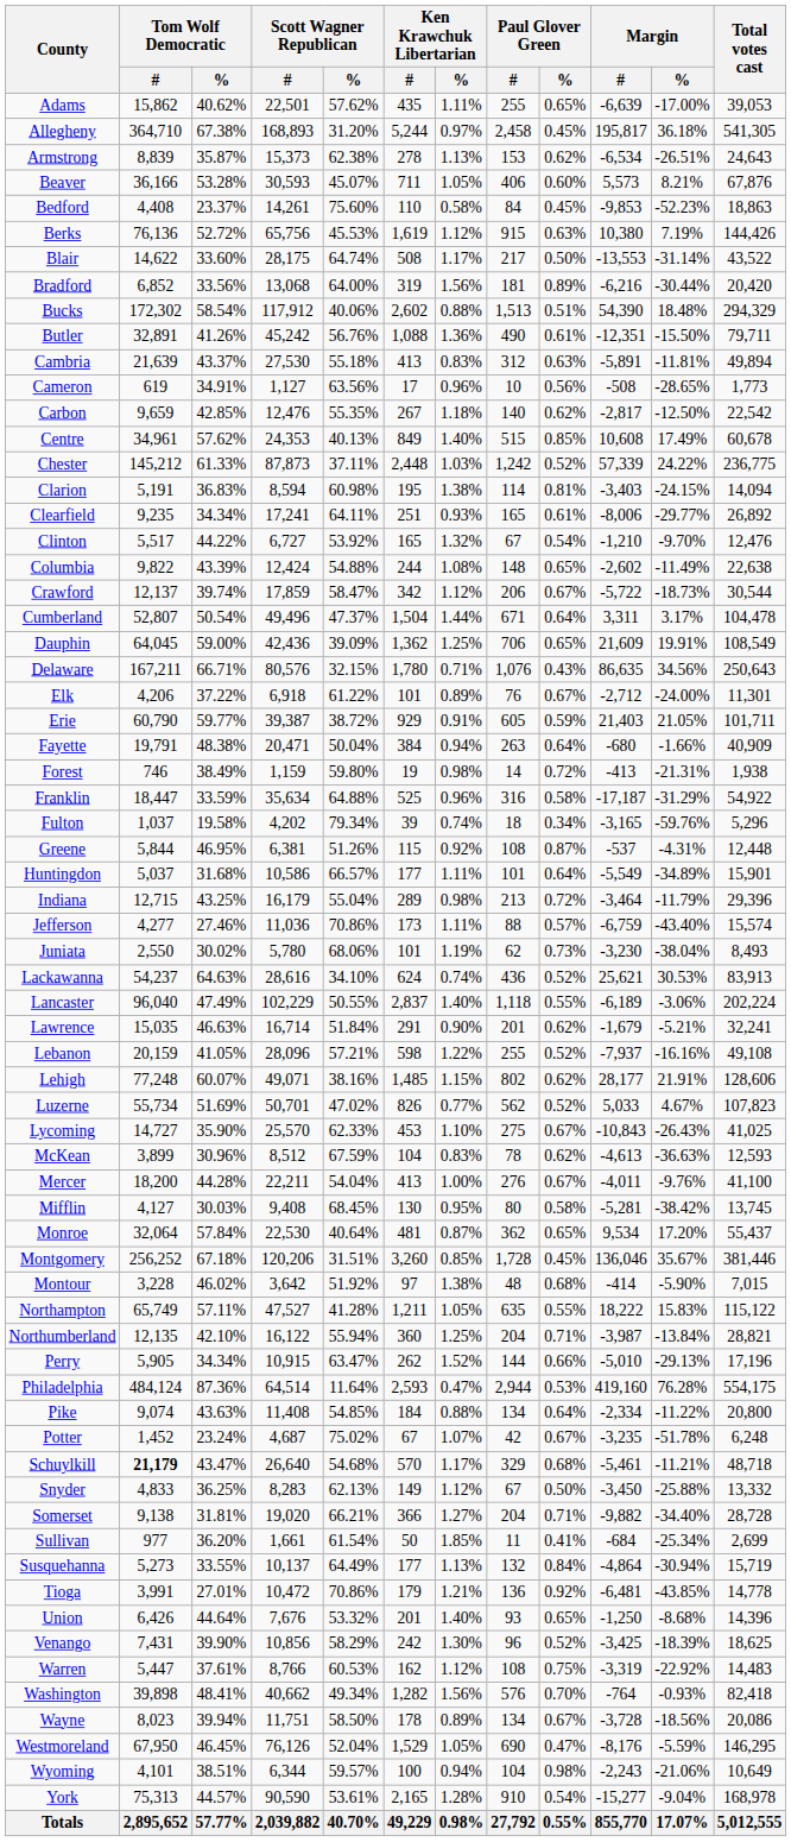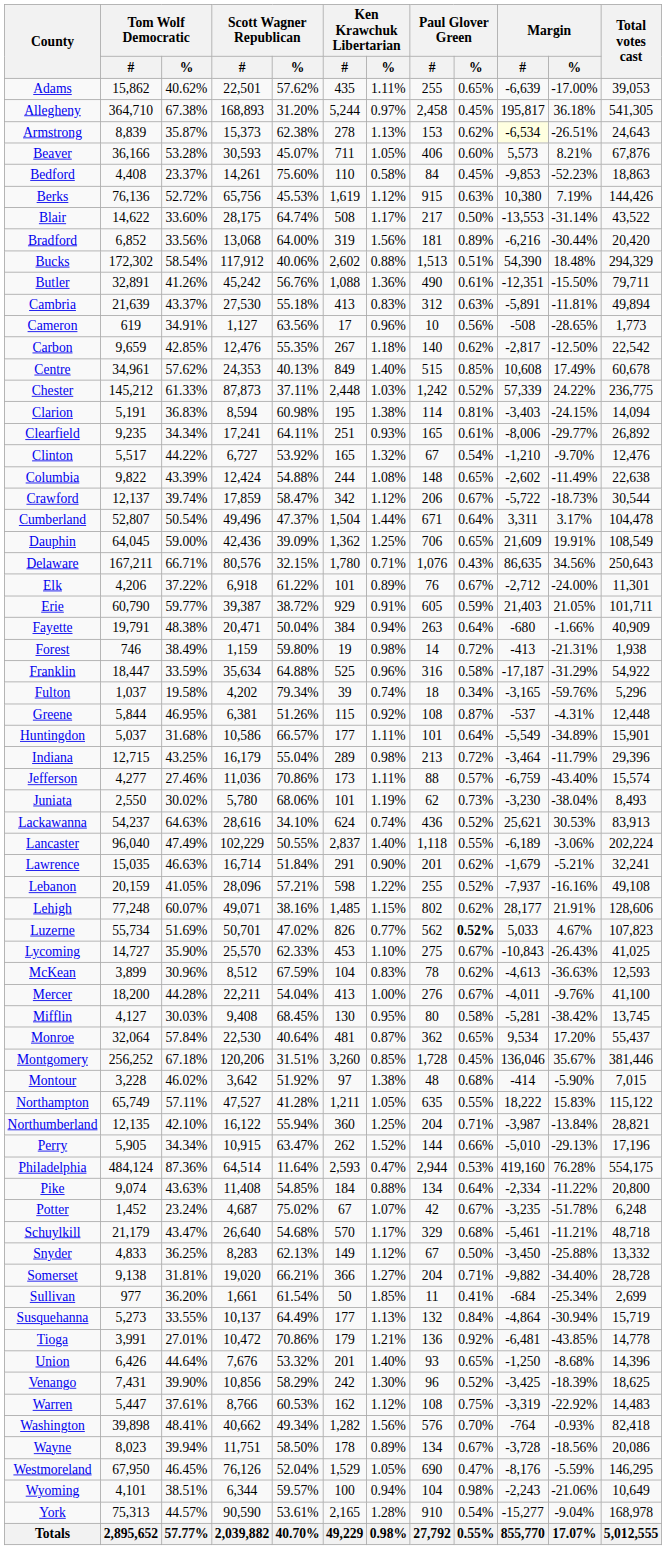 <table width="60%"  class="wikitable sortable" style="text-align:center">
 <tr>
 <th style="text-align:center;" rowspan="2">County</th>
 <th style="text-align:center;" colspan="2">Tom Wolf<br>Democratic</th>
 <th style="text-align:center;" colspan="2">Scott Wagner<br>Republican</th>
 <th style="text-align:center;" colspan="2">Ken Krawchuk<br>Libertarian</th>
 <th style="text-align:center;" colspan="2">Paul Glover<br>Green</th>
 <th style="text-align:center;" colspan="2">Margin</th>
 <th style="text-align:center;" rowspan="2">Total votes cast</th>
 </tr>
 <tr>
 <th style="text-align:center;" data-sort-type="number">#</th>
 <th style="text-align:center;" data-sort-type="number">%</th>
 <th style="text-align:center;" data-sort-type="number">#</th>
 <th style="text-align:center;" data-sort-type="number">%</th>
 <th style="text-align:center;" data-sort-type="number">#</th>
 <th style="text-align:center;" data-sort-type="number">%</th>
 <th style="text-align:center;" data-sort-type="number">#</th>
 <th style="text-align:center;" data-sort-type="number">%</th>
 <th style="text-align:center;" data-sort-type="number">#</th>
 <th style="text-align:center;" data-sort-type="number">%</th>
 </tr>
 <tr style="text-align:center;">
 <td><a href='#'>Adams</a></td>
 <td>15,862</td>
 <td>40.62%</td>
 <td>22,501</td>
 <td>57.62%</td>
 <td>435</td>
 <td>1.11%</td>
 <td>255</td>
 <td>0.65%</td>
 <td>-6,639</td>
 <td>-17.00%</td>
 <td>39,053</td>
 </tr>
 <tr style="text-align:center;">
 <td><a href='#'>Allegheny</a></td>
 <td>364,710</td>
 <td>67.38%</td>
 <td>168,893</td>
 <td>31.20%</td>
 <td>5,244</td>
 <td>0.97%</td>
 <td>2,458</td>
 <td>0.45%</td>
 <td>195,817</td>
 <td>36.18%</td>
 <td>541,305</td>
 </tr>
 <tr style="text-align:center;">
 <td><a href='#'>Armstrong</a></td>
 <td>8,839</td>
 <td>35.87%</td>
 <td>15,373</td>
 <td>62.38%</td>
 <td>278</td>
 <td>1.13%</td>
 <td>153</td>
 <td>0.62%</td>
-<td>-6,534</td>
+<td style="background: lightyellow;">-6,534</td>
 <td>-26.51%</td>
 <td>24,643</td>
 </tr>
 <tr style="text-align:center;">
 <td><a href='#'>Beaver</a></td>
 <td>36,166</td>
 <td>53.28%</td>
 <td>30,593</td>
 <td>45.07%</td>
 <td>711</td>
 <td>1.05%</td>
 <td>406</td>
 <td>0.60%</td>
 <td>5,573</td>
 <td>8.21%</td>
 <td>67,876</td>
 </tr>
 <tr style="text-align:center;">
 <td><a href='#'>Bedford</a></td>
 <td>4,408</td>
 <td>23.37%</td>
 <td>14,261</td>
 <td>75.60%</td>
 <td>110</td>
 <td>0.58%</td>
 <td>84</td>
 <td>0.45%</td>
 <td>-9,853</td>
 <td>-52.23%</td>
 <td>18,863</td>
 </tr>
 <tr style="text-align:center;">
 <td><a href='#'>Berks</a></td>
 <td>76,136</td>
 <td>52.72%</td>
 <td>65,756</td>
 <td>45.53%</td>
 <td>1,619</td>
 <td>1.12%</td>
 <td>915</td>
 <td>0.63%</td>
 <td>10,380</td>
 <td>7.19%</td>
 <td>144,426</td>
 </tr>
 <tr style="text-align:center;">
 <td><a href='#'>Blair</a></td>
 <td>14,622</td>
 <td>33.60%</td>
 <td>28,175</td>
 <td>64.74%</td>
 <td>508</td>
 <td>1.17%</td>
 <td>217</td>
 <td>0.50%</td>
 <td>-13,553</td>
 <td>-31.14%</td>
 <td>43,522</td>
 </tr>
 <tr style="text-align:center;">
 <td><a href='#'>Bradford</a></td>
 <td>6,852</td>
 <td>33.56%</td>
 <td>13,068</td>
 <td>64.00%</td>
 <td>319</td>
 <td>1.56%</td>
 <td>181</td>
 <td>0.89%</td>
 <td>-6,216</td>
 <td>-30.44%</td>
 <td>20,420</td>
 </tr>
 <tr style="text-align:center;">
 <td><a href='#'>Bucks</a></td>
 <td>172,302</td>
 <td>58.54%</td>
 <td>117,912</td>
 <td>40.06%</td>
 <td>2,602</td>
 <td>0.88%</td>
 <td>1,513</td>
 <td>0.51%</td>
 <td>54,390</td>
 <td>18.48%</td>
 <td>294,329</td>
 </tr>
 <tr style="text-align:center;">
 <td><a href='#'>Butler</a></td>
 <td>32,891</td>
 <td>41.26%</td>
 <td>45,242</td>
 <td>56.76%</td>
 <td>1,088</td>
 <td>1.36%</td>
 <td>490</td>
 <td>0.61%</td>
 <td>-12,351</td>
 <td>-15.50%</td>
 <td>79,711</td>
 </tr>
 <tr style="text-align:center;">
 <td><a href='#'>Cambria</a></td>
 <td>21,639</td>
 <td>43.37%</td>
 <td>27,530</td>
 <td>55.18%</td>
 <td>413</td>
 <td>0.83%</td>
 <td>312</td>
 <td>0.63%</td>
 <td>-5,891</td>
 <td>-11.81%</td>
 <td>49,894</td>
 </tr>
 <tr style="text-align:center;">
 <td><a href='#'>Cameron</a></td>
 <td>619</td>
 <td>34.91%</td>
 <td>1,127</td>
 <td>63.56%</td>
 <td>17</td>
 <td>0.96%</td>
 <td>10</td>
 <td>0.56%</td>
 <td>-508</td>
 <td>-28.65%</td>
 <td>1,773</td>
 </tr>
 <tr style="text-align:center;">
 <td><a href='#'>Carbon</a></td>
 <td>9,659</td>
 <td>42.85%</td>
 <td>12,476</td>
 <td>55.35%</td>
 <td>267</td>
 <td>1.18%</td>
 <td>140</td>
 <td>0.62%</td>
 <td>-2,817</td>
 <td>-12.50%</td>
 <td>22,542</td>
 </tr>
 <tr style="text-align:center;">
 <td><a href='#'>Centre</a></td>
 <td>34,961</td>
 <td>57.62%</td>
 <td>24,353</td>
 <td>40.13%</td>
 <td>849</td>
 <td>1.40%</td>
 <td>515</td>
 <td>0.85%</td>
 <td>10,608</td>
 <td>17.49%</td>
 <td>60,678</td>
 </tr>
 <tr style="text-align:center;">
 <td><a href='#'>Chester</a></td>
 <td>145,212</td>
 <td>61.33%</td>
 <td>87,873</td>
 <td>37.11%</td>
 <td>2,448</td>
 <td>1.03%</td>
 <td>1,242</td>
 <td>0.52%</td>
 <td>57,339</td>
 <td>24.22%</td>
 <td>236,775</td>
 </tr>
 <tr style="text-align:center;">
 <td><a href='#'>Clarion</a></td>
 <td>5,191</td>
 <td>36.83%</td>
 <td>8,594</td>
 <td>60.98%</td>
 <td>195</td>
 <td>1.38%</td>
 <td>114</td>
 <td>0.81%</td>
 <td>-3,403</td>
 <td>-24.15%</td>
 <td>14,094</td>
 </tr>
 <tr style="text-align:center;">
 <td><a href='#'>Clearfield</a></td>
 <td>9,235</td>
 <td>34.34%</td>
 <td>17,241</td>
 <td>64.11%</td>
 <td>251</td>
 <td>0.93%</td>
 <td>165</td>
 <td>0.61%</td>
 <td>-8,006</td>
 <td>-29.77%</td>
 <td>26,892</td>
 </tr>
 <tr style="text-align:center;">
 <td><a href='#'>Clinton</a></td>
 <td>5,517</td>
 <td>44.22%</td>
 <td>6,727</td>
 <td>53.92%</td>
 <td>165</td>
 <td>1.32%</td>
 <td>67</td>
 <td>0.54%</td>
 <td>-1,210</td>
 <td>-9.70%</td>
 <td>12,476</td>
 </tr>
 <tr style="text-align:center;">
 <td><a href='#'>Columbia</a></td>
 <td>9,822</td>
 <td>43.39%</td>
 <td>12,424</td>
 <td>54.88%</td>
 <td>244</td>
 <td>1.08%</td>
 <td>148</td>
 <td>0.65%</td>
 <td>-2,602</td>
 <td>-11.49%</td>
 <td>22,638</td>
 </tr>
 <tr style="text-align:center;">
 <td><a href='#'>Crawford</a></td>
 <td>12,137</td>
 <td>39.74%</td>
 <td>17,859</td>
 <td>58.47%</td>
 <td>342</td>
 <td>1.12%</td>
 <td>206</td>
 <td>0.67%</td>
 <td>-5,722</td>
 <td>-18.73%</td>
 <td>30,544</td>
 </tr>
 <tr style="text-align:center;">
 <td><a href='#'>Cumberland</a></td>
 <td>52,807</td>
 <td>50.54%</td>
 <td>49,496</td>
 <td>47.37%</td>
 <td>1,504</td>
 <td>1.44%</td>
 <td>671</td>
 <td>0.64%</td>
 <td>3,311</td>
 <td>3.17%</td>
 <td>104,478</td>
 </tr>
 <tr style="text-align:center;">
 <td><a href='#'>Dauphin</a></td>
 <td>64,045</td>
 <td>59.00%</td>
 <td>42,436</td>
 <td>39.09%</td>
 <td>1,362</td>
 <td>1.25%</td>
 <td>706</td>
 <td>0.65%</td>
 <td>21,609</td>
 <td>19.91%</td>
 <td>108,549</td>
 </tr>
 <tr style="text-align:center;">
 <td><a href='#'>Delaware</a></td>
 <td>167,211</td>
 <td>66.71%</td>
 <td>80,576</td>
 <td>32.15%</td>
 <td>1,780</td>
 <td>0.71%</td>
 <td>1,076</td>
 <td>0.43%</td>
 <td>86,635</td>
 <td>34.56%</td>
 <td>250,643</td>
 </tr>
 <tr style="text-align:center;">
 <td><a href='#'>Elk</a></td>
 <td>4,206</td>
 <td>37.22%</td>
 <td>6,918</td>
 <td>61.22%</td>
 <td>101</td>
 <td>0.89%</td>
 <td>76</td>
 <td>0.67%</td>
 <td>-2,712</td>
 <td>-24.00%</td>
 <td>11,301</td>
 </tr>
 <tr style="text-align:center;">
 <td><a href='#'>Erie</a></td>
 <td>60,790</td>
 <td>59.77%</td>
 <td>39,387</td>
 <td>38.72%</td>
 <td>929</td>
 <td>0.91%</td>
 <td>605</td>
 <td>0.59%</td>
 <td>21,403</td>
 <td>21.05%</td>
 <td>101,711</td>
 </tr>
 <tr style="text-align:center;">
 <td><a href='#'>Fayette</a></td>
 <td>19,791</td>
 <td>48.38%</td>
 <td>20,471</td>
 <td>50.04%</td>
 <td>384</td>
 <td>0.94%</td>
 <td>263</td>
 <td>0.64%</td>
 <td>-680</td>
 <td>-1.66%</td>
 <td>40,909</td>
 </tr>
 <tr style="text-align:center;">
 <td><a href='#'>Forest</a></td>
 <td>746</td>
 <td>38.49%</td>
 <td>1,159</td>
 <td>59.80%</td>
 <td>19</td>
 <td>0.98%</td>
 <td>14</td>
 <td>0.72%</td>
 <td>-413</td>
 <td>-21.31%</td>
 <td>1,938</td>
 </tr>
 <tr style="text-align:center;">
 <td><a href='#'>Franklin</a></td>
 <td>18,447</td>
 <td>33.59%</td>
 <td>35,634</td>
 <td>64.88%</td>
 <td>525</td>
 <td>0.96%</td>
 <td>316</td>
 <td>0.58%</td>
 <td>-17,187</td>
 <td>-31.29%</td>
 <td>54,922</td>
 </tr>
 <tr style="text-align:center;">
 <td><a href='#'>Fulton</a></td>
 <td>1,037</td>
 <td>19.58%</td>
 <td>4,202</td>
 <td>79.34%</td>
 <td>39</td>
 <td>0.74%</td>
 <td>18</td>
 <td>0.34%</td>
 <td>-3,165</td>
 <td>-59.76%</td>
 <td>5,296</td>
 </tr>
 <tr style="text-align:center;">
 <td><a href='#'>Greene</a></td>
 <td>5,844</td>
 <td>46.95%</td>
 <td>6,381</td>
 <td>51.26%</td>
 <td>115</td>
 <td>0.92%</td>
 <td>108</td>
 <td>0.87%</td>
 <td>-537</td>
 <td>-4.31%</td>
 <td>12,448</td>
 </tr>
 <tr style="text-align:center;">
 <td><a href='#'>Huntingdon</a></td>
 <td>5,037</td>
 <td>31.68%</td>
 <td>10,586</td>
 <td>66.57%</td>
 <td>177</td>
 <td>1.11%</td>
 <td>101</td>
 <td>0.64%</td>
 <td>-5,549</td>
 <td>-34.89%</td>
 <td>15,901</td>
 </tr>
 <tr style="text-align:center;">
 <td><a href='#'>Indiana</a></td>
 <td>12,715</td>
 <td>43.25%</td>
 <td>16,179</td>
 <td>55.04%</td>
 <td>289</td>
 <td>0.98%</td>
 <td>213</td>
 <td>0.72%</td>
 <td>-3,464</td>
 <td>-11.79%</td>
 <td>29,396</td>
 </tr>
 <tr style="text-align:center;">
 <td><a href='#'>Jefferson</a></td>
 <td>4,277</td>
 <td>27.46%</td>
 <td>11,036</td>
 <td>70.86%</td>
 <td>173</td>
 <td>1.11%</td>
 <td>88</td>
 <td>0.57%</td>
 <td>-6,759</td>
 <td>-43.40%</td>
 <td>15,574</td>
 </tr>
 <tr style="text-align:center;">
 <td><a href='#'>Juniata</a></td>
 <td>2,550</td>
 <td>30.02%</td>
 <td>5,780</td>
 <td>68.06%</td>
 <td>101</td>
 <td>1.19%</td>
 <td>62</td>
 <td>0.73%</td>
 <td>-3,230</td>
 <td>-38.04%</td>
 <td>8,493</td>
 </tr>
 <tr style="text-align:center;">
 <td><a href='#'>Lackawanna</a></td>
 <td>54,237</td>
 <td>64.63%</td>
 <td>28,616</td>
 <td>34.10%</td>
 <td>624</td>
 <td>0.74%</td>
 <td>436</td>
 <td>0.52%</td>
 <td>25,621</td>
 <td>30.53%</td>
 <td>83,913</td>
 </tr>
 <tr style="text-align:center;">
 <td><a href='#'>Lancaster</a></td>
 <td>96,040</td>
 <td>47.49%</td>
 <td>102,229</td>
 <td>50.55%</td>
 <td>2,837</td>
 <td>1.40%</td>
 <td>1,118</td>
 <td>0.55%</td>
 <td>-6,189</td>
 <td>-3.06%</td>
 <td>202,224</td>
 </tr>
 <tr style="text-align:center;">
 <td><a href='#'>Lawrence</a></td>
 <td>15,035</td>
 <td>46.63%</td>
 <td>16,714</td>
 <td>51.84%</td>
 <td>291</td>
 <td>0.90%</td>
 <td>201</td>
 <td>0.62%</td>
 <td>-1,679</td>
 <td>-5.21%</td>
 <td>32,241</td>
 </tr>
 <tr style="text-align:center;">
 <td><a href='#'>Lebanon</a></td>
 <td>20,159</td>
 <td>41.05%</td>
 <td>28,096</td>
 <td>57.21%</td>
 <td>598</td>
 <td>1.22%</td>
 <td>255</td>
 <td>0.52%</td>
 <td>-7,937</td>
 <td>-16.16%</td>
 <td>49,108</td>
 </tr>
 <tr style="text-align:center;">
 <td><a href='#'>Lehigh</a></td>
 <td>77,248</td>
 <td>60.07%</td>
 <td>49,071</td>
 <td>38.16%</td>
 <td>1,485</td>
 <td>1.15%</td>
 <td>802</td>
 <td>0.62%</td>
 <td>28,177</td>
 <td>21.91%</td>
 <td>128,606</td>
 </tr>
 <tr style="text-align:center;">
 <td><a href='#'>Luzerne</a></td>
 <td>55,734</td>
 <td>51.69%</td>
 <td>50,701</td>
 <td>47.02%</td>
 <td>826</td>
 <td>0.77%</td>
 <td>562</td>
-<td>0.52%</td>
+<td><strong>0.52%</strong></td>
 <td>5,033</td>
 <td>4.67%</td>
 <td>107,823</td>
 </tr>
 <tr style="text-align:center;">
 <td><a href='#'>Lycoming</a></td>
 <td>14,727</td>
 <td>35.90%</td>
 <td>25,570</td>
 <td>62.33%</td>
 <td>453</td>
 <td>1.10%</td>
 <td>275</td>
 <td>0.67%</td>
 <td>-10,843</td>
 <td>-26.43%</td>
 <td>41,025</td>
 </tr>
 <tr style="text-align:center;">
 <td><a href='#'>McKean</a></td>
 <td>3,899</td>
 <td>30.96%</td>
 <td>8,512</td>
 <td>67.59%</td>
 <td>104</td>
 <td>0.83%</td>
 <td>78</td>
 <td>0.62%</td>
 <td>-4,613</td>
 <td>-36.63%</td>
 <td>12,593</td>
 </tr>
 <tr style="text-align:center;">
 <td><a href='#'>Mercer</a></td>
 <td>18,200</td>
 <td>44.28%</td>
 <td>22,211</td>
 <td>54.04%</td>
 <td>413</td>
 <td>1.00%</td>
 <td>276</td>
 <td>0.67%</td>
 <td>-4,011</td>
 <td>-9.76%</td>
 <td>41,100</td>
 </tr>
 <tr style="text-align:center;">
 <td><a href='#'>Mifflin</a></td>
 <td>4,127</td>
 <td>30.03%</td>
 <td>9,408</td>
 <td>68.45%</td>
 <td>130</td>
 <td>0.95%</td>
 <td>80</td>
 <td>0.58%</td>
 <td>-5,281</td>
 <td>-38.42%</td>
 <td>13,745</td>
 </tr>
 <tr style="text-align:center;">
 <td><a href='#'>Monroe</a></td>
 <td>32,064</td>
 <td>57.84%</td>
 <td>22,530</td>
 <td>40.64%</td>
 <td>481</td>
 <td>0.87%</td>
 <td>362</td>
 <td>0.65%</td>
 <td>9,534</td>
 <td>17.20%</td>
 <td>55,437</td>
 </tr>
 <tr style="text-align:center;">
 <td><a href='#'>Montgomery</a></td>
 <td>256,252</td>
 <td>67.18%</td>
 <td>120,206</td>
 <td>31.51%</td>
 <td>3,260</td>
 <td>0.85%</td>
 <td>1,728</td>
 <td>0.45%</td>
 <td>136,046</td>
 <td>35.67%</td>
 <td>381,446</td>
 </tr>
 <tr style="text-align:center;">
 <td><a href='#'>Montour</a></td>
 <td>3,228</td>
 <td>46.02%</td>
 <td>3,642</td>
 <td>51.92%</td>
 <td>97</td>
 <td>1.38%</td>
 <td>48</td>
 <td>0.68%</td>
 <td>-414</td>
 <td>-5.90%</td>
 <td>7,015</td>
 </tr>
 <tr style="text-align:center;">
 <td><a href='#'>Northampton</a></td>
 <td>65,749</td>
 <td>57.11%</td>
 <td>47,527</td>
 <td>41.28%</td>
 <td>1,211</td>
 <td>1.05%</td>
 <td>635</td>
 <td>0.55%</td>
 <td>18,222</td>
 <td>15.83%</td>
 <td>115,122</td>
 </tr>
 <tr style="text-align:center;">
 <td><a href='#'>Northumberland</a></td>
 <td>12,135</td>
 <td>42.10%</td>
 <td>16,122</td>
 <td>55.94%</td>
 <td>360</td>
 <td>1.25%</td>
 <td>204</td>
 <td>0.71%</td>
 <td>-3,987</td>
 <td>-13.84%</td>
 <td>28,821</td>
 </tr>
 <tr style="text-align:center;">
 <td><a href='#'>Perry</a></td>
 <td>5,905</td>
 <td>34.34%</td>
 <td>10,915</td>
 <td>63.47%</td>
 <td>262</td>
 <td>1.52%</td>
 <td>144</td>
 <td>0.66%</td>
 <td>-5,010</td>
 <td>-29.13%</td>
 <td>17,196</td>
 </tr>
 <tr style="text-align:center;">
 <td><a href='#'>Philadelphia</a></td>
 <td>484,124</td>
 <td>87.36%</td>
 <td>64,514</td>
 <td>11.64%</td>
 <td>2,593</td>
 <td>0.47%</td>
 <td>2,944</td>
 <td>0.53%</td>
 <td>419,160</td>
 <td>76.28%</td>
 <td>554,175</td>
 </tr>
 <tr style="text-align:center;">
 <td><a href='#'>Pike</a></td>
 <td>9,074</td>
 <td>43.63%</td>
 <td>11,408</td>
 <td>54.85%</td>
 <td>184</td>
 <td>0.88%</td>
 <td>134</td>
 <td>0.64%</td>
 <td>-2,334</td>
 <td>-11.22%</td>
 <td>20,800</td>
 </tr>
 <tr style="text-align:center;">
 <td><a href='#'>Potter</a></td>
 <td>1,452</td>
 <td>23.24%</td>
 <td>4,687</td>
 <td>75.02%</td>
 <td>67</td>
 <td>1.07%</td>
 <td>42</td>
 <td>0.67%</td>
 <td>-3,235</td>
 <td>-51.78%</td>
 <td>6,248</td>
 </tr>
 <tr style="text-align:center;">
 <td><a href='#'>Schuylkill</a></td>
-<td><strong>21,179</strong></td>
+<td>21,179</td>
 <td>43.47%</td>
 <td>26,640</td>
 <td>54.68%</td>
 <td>570</td>
 <td>1.17%</td>
 <td>329</td>
 <td>0.68%</td>
 <td>-5,461</td>
 <td>-11.21%</td>
 <td>48,718</td>
 </tr>
 <tr style="text-align:center;">
 <td><a href='#'>Snyder</a></td>
 <td>4,833</td>
 <td>36.25%</td>
 <td>8,283</td>
 <td>62.13%</td>
 <td>149</td>
 <td>1.12%</td>
 <td>67</td>
 <td>0.50%</td>
 <td>-3,450</td>
 <td>-25.88%</td>
 <td>13,332</td>
 </tr>
 <tr style="text-align:center;">
 <td><a href='#'>Somerset</a></td>
 <td>9,138</td>
 <td>31.81%</td>
 <td>19,020</td>
 <td>66.21%</td>
 <td>366</td>
 <td>1.27%</td>
 <td>204</td>
 <td>0.71%</td>
 <td>-9,882</td>
 <td>-34.40%</td>
 <td>28,728</td>
 </tr>
 <tr style="text-align:center;">
 <td><a href='#'>Sullivan</a></td>
 <td>977</td>
 <td>36.20%</td>
 <td>1,661</td>
 <td>61.54%</td>
 <td>50</td>
 <td>1.85%</td>
 <td>11</td>
 <td>0.41%</td>
 <td>-684</td>
 <td>-25.34%</td>
 <td>2,699</td>
 </tr>
 <tr style="text-align:center;">
 <td><a href='#'>Susquehanna</a></td>
 <td>5,273</td>
 <td>33.55%</td>
 <td>10,137</td>
 <td>64.49%</td>
 <td>177</td>
 <td>1.13%</td>
 <td>132</td>
 <td>0.84%</td>
 <td>-4,864</td>
 <td>-30.94%</td>
 <td>15,719</td>
 </tr>
 <tr style="text-align:center;">
 <td><a href='#'>Tioga</a></td>
 <td>3,991</td>
 <td>27.01%</td>
 <td>10,472</td>
 <td>70.86%</td>
 <td>179</td>
 <td>1.21%</td>
 <td>136</td>
 <td>0.92%</td>
 <td>-6,481</td>
 <td>-43.85%</td>
 <td>14,778</td>
 </tr>
 <tr style="text-align:center;">
 <td><a href='#'>Union</a></td>
 <td>6,426</td>
 <td>44.64%</td>
 <td>7,676</td>
 <td>53.32%</td>
 <td>201</td>
 <td>1.40%</td>
 <td>93</td>
 <td>0.65%</td>
 <td>-1,250</td>
 <td>-8.68%</td>
 <td>14,396</td>
 </tr>
 <tr style="text-align:center;">
 <td><a href='#'>Venango</a></td>
 <td>7,431</td>
 <td>39.90%</td>
 <td>10,856</td>
 <td>58.29%</td>
 <td>242</td>
 <td>1.30%</td>
 <td>96</td>
 <td>0.52%</td>
 <td>-3,425</td>
 <td>-18.39%</td>
 <td>18,625</td>
 </tr>
 <tr style="text-align:center;">
 <td><a href='#'>Warren</a></td>
 <td>5,447</td>
 <td>37.61%</td>
 <td>8,766</td>
 <td>60.53%</td>
 <td>162</td>
 <td>1.12%</td>
 <td>108</td>
 <td>0.75%</td>
 <td>-3,319</td>
 <td>-22.92%</td>
 <td>14,483</td>
 </tr>
 <tr style="text-align:center;">
 <td><a href='#'>Washington</a></td>
 <td>39,898</td>
 <td>48.41%</td>
 <td>40,662</td>
 <td>49.34%</td>
 <td>1,282</td>
 <td>1.56%</td>
 <td>576</td>
 <td>0.70%</td>
 <td>-764</td>
 <td>-0.93%</td>
 <td>82,418</td>
 </tr>
 <tr style="text-align:center;">
 <td><a href='#'>Wayne</a></td>
 <td>8,023</td>
 <td>39.94%</td>
 <td>11,751</td>
 <td>58.50%</td>
 <td>178</td>
 <td>0.89%</td>
 <td>134</td>
 <td>0.67%</td>
 <td>-3,728</td>
 <td>-18.56%</td>
 <td>20,086</td>
 </tr>
 <tr style="text-align:center;">
 <td><a href='#'>Westmoreland</a></td>
 <td>67,950</td>
 <td>46.45%</td>
 <td>76,126</td>
 <td>52.04%</td>
 <td>1,529</td>
 <td>1.05%</td>
 <td>690</td>
 <td>0.47%</td>
 <td>-8,176</td>
 <td>-5.59%</td>
 <td>146,295</td>
 </tr>
 <tr style="text-align:center;">
 <td><a href='#'>Wyoming</a></td>
 <td>4,101</td>
 <td>38.51%</td>
 <td>6,344</td>
 <td>59.57%</td>
 <td>100</td>
 <td>0.94%</td>
 <td>104</td>
 <td>0.98%</td>
 <td>-2,243</td>
 <td>-21.06%</td>
 <td>10,649</td>
 </tr>
 <tr style="text-align:center;">
 <td><a href='#'>York</a></td>
 <td>75,313</td>
 <td>44.57%</td>
 <td>90,590</td>
 <td>53.61%</td>
 <td>2,165</td>
 <td>1.28%</td>
 <td>910</td>
 <td>0.54%</td>
 <td>-15,277</td>
 <td>-9.04%</td>
 <td>168,978</td>
 </tr>
 <tr style="text-align:center;">
 <th>Totals</th>
 <th>2,895,652</th>
 <th>57.77%</th>
 <th>2,039,882</th>
 <th>40.70%</th>
 <th>49,229</th>
 <th>0.98%</th>
 <th>27,792</th>
 <th>0.55%</th>
 <th>855,770</th>
 <th>17.07%</th>
 <th>5,012,555</th>
 </tr>
 </table>
